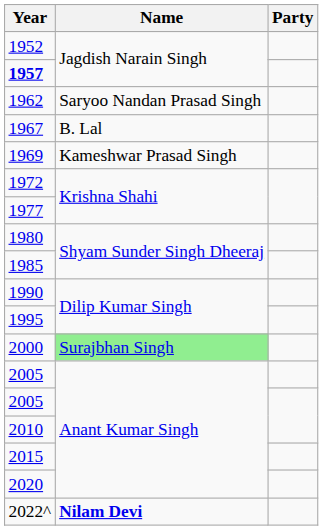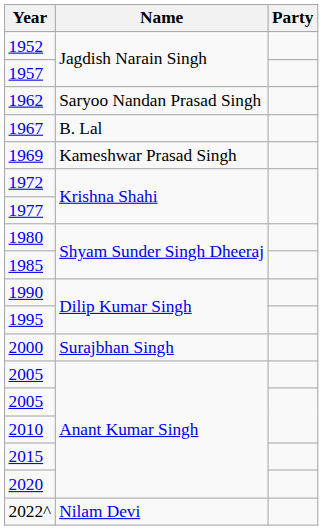 <table class="wikitable sortable">
 <tr>
 <th>Year</th>
 <th>Name</th>
 <th colspan="2">Party</th>
 </tr>
 <tr>
 <td><a href='#'>1952</a></td>
 <td rowspan="2">Jagdish Narain Singh</td>
 <td></td>
 </tr>
 <tr>
-<td><strong><a href='#'>1957</a></strong></td>
+<td><a href='#'>1957</a></td>
 </tr>
 <tr>
 <td><a href='#'>1962</a></td>
 <td>Saryoo Nandan Prasad Singh</td>
 <td></td>
 </tr>
 <tr>
 <td><a href='#'>1967</a></td>
 <td>B. Lal</td>
 <td></td>
 </tr>
 <tr>
 <td><a href='#'>1969</a></td>
 <td>Kameshwar Prasad Singh</td>
 <td></td>
 </tr>
 <tr>
 <td><a href='#'>1972</a></td>
 <td rowspan="2"><a href='#'>Krishna Shahi</a></td>
 </tr>
 <tr>
 <td><a href='#'>1977</a></td>
 </tr>
 <tr>
 <td><a href='#'>1980</a></td>
 <td rowspan="2"><a href='#'>Shyam Sunder Singh Dheeraj</a></td>
 <td></td>
 </tr>
 <tr>
 <td><a href='#'>1985</a></td>
 <td></td>
 </tr>
 <tr>
 <td><a href='#'>1990</a></td>
 <td rowspan="2"><a href='#'>Dilip Kumar Singh</a></td>
 <td></td>
 </tr>
 <tr>
 <td><a href='#'>1995</a></td>
 </tr>
 <tr>
 <td><a href='#'>2000</a></td>
-<td style="background: lightgreen;"><a href='#'>Surajbhan Singh</a></td>
+<td><a href='#'>Surajbhan Singh</a></td>
 <td></td>
 </tr>
 <tr>
 <td><a href='#'>2005</a></td>
 <td rowspan="5"><a href='#'>Anant Kumar Singh</a></td>
 <td></td>
 </tr>
 <tr>
 <td><a href='#'>2005</a></td>
 </tr>
 <tr>
 <td><a href='#'>2010</a></td>
 </tr>
 <tr>
 <td><a href='#'>2015</a></td>
 <td></td>
 </tr>
 <tr>
 <td><a href='#'>2020</a></td>
 <td></td>
 </tr>
 <tr>
 <td>2022^</td>
-<td><strong><a href='#'>Nilam Devi</a></strong></td>
+<td><a href='#'>Nilam Devi</a></td>
 </tr>
 </table>
